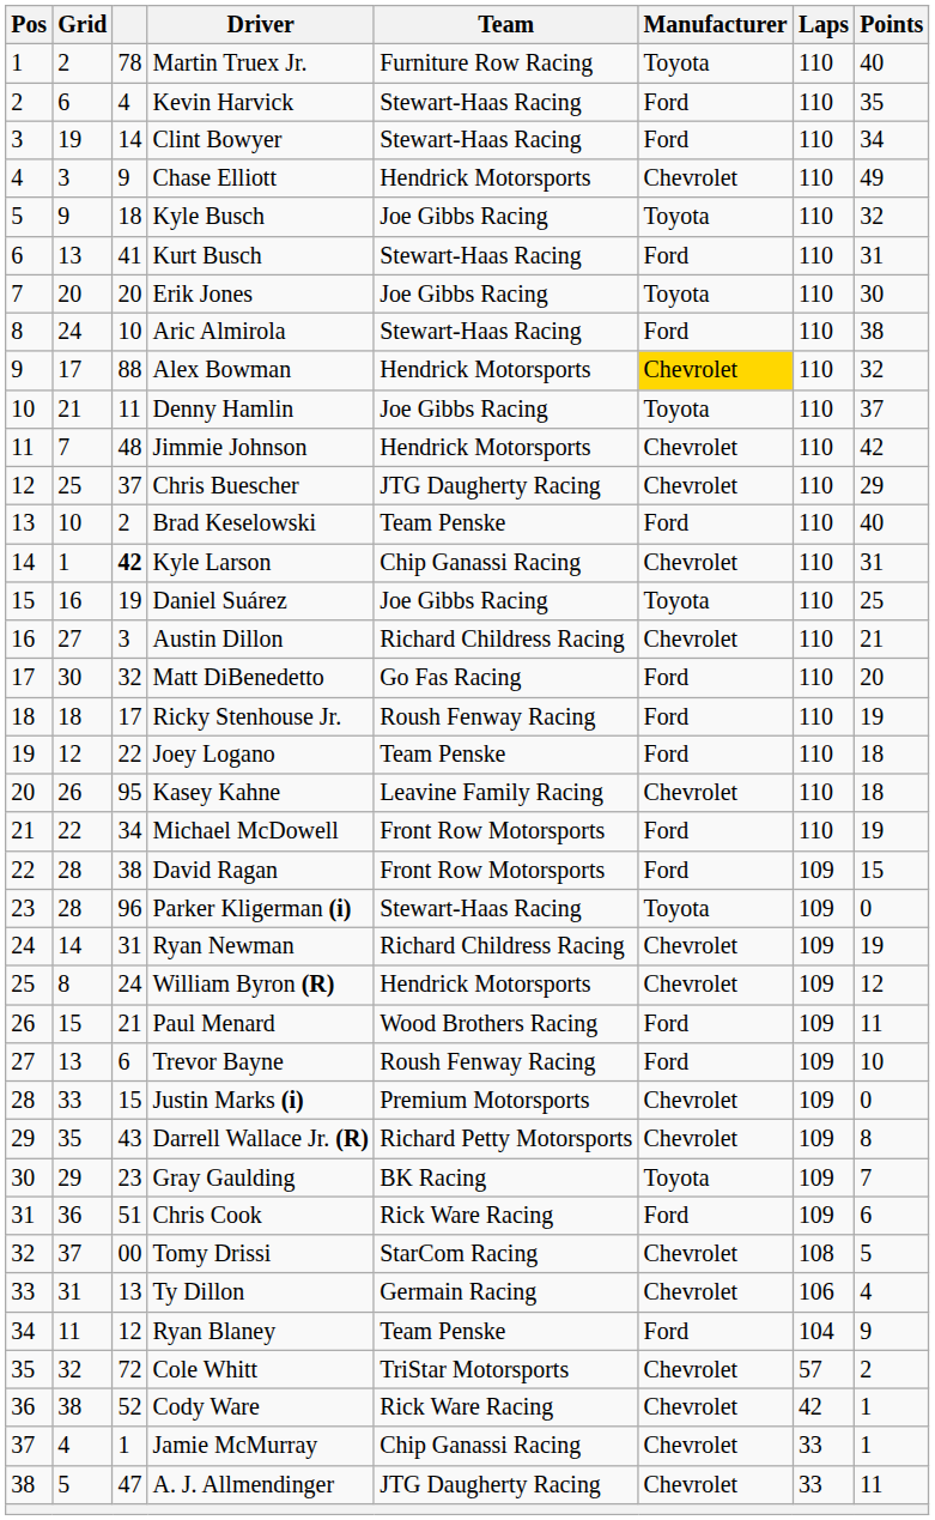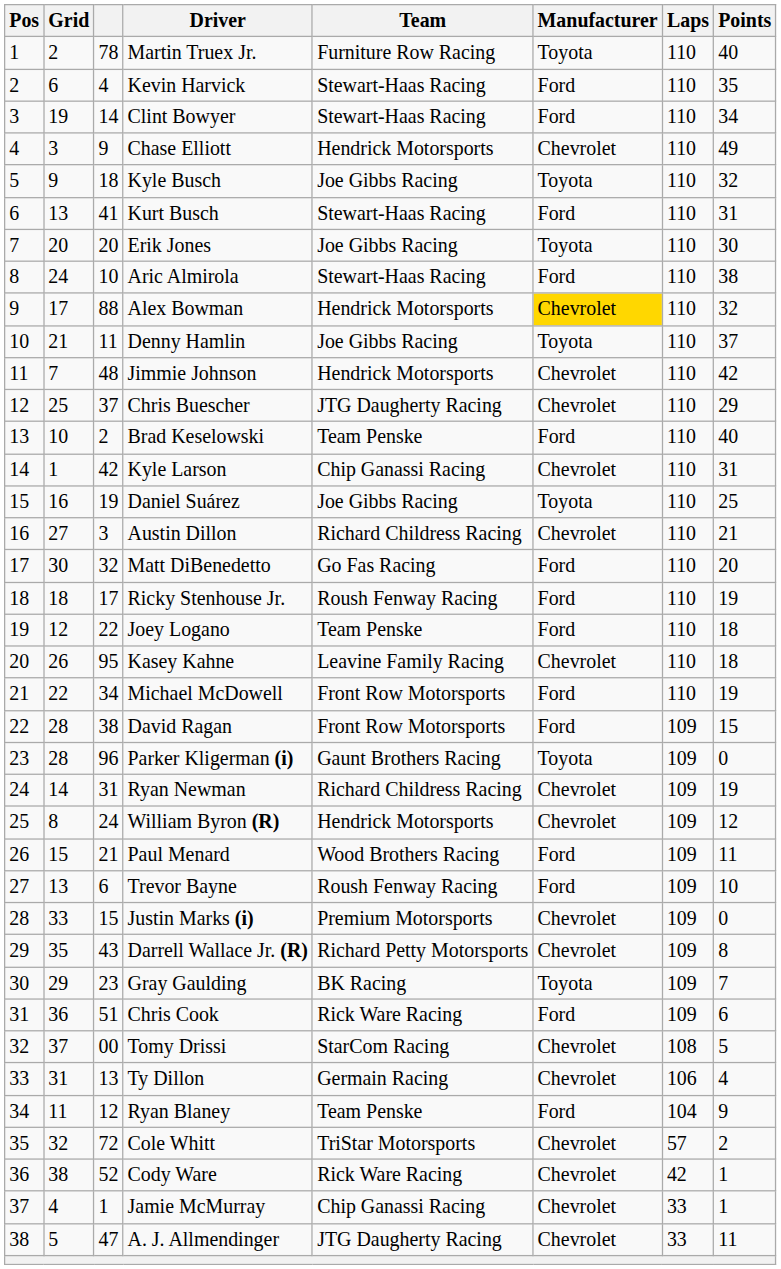 <table class="wikitable" style="font-size:98%">
 <tr>
 <th>Pos</th>
 <th>Grid</th>
 <th></th>
 <th>Driver</th>
 <th>Team</th>
 <th>Manufacturer</th>
 <th>Laps</th>
 <th>Points</th>
 </tr>
 <tr>
 <td>1</td>
 <td>2</td>
 <td>78</td>
 <td>Martin Truex Jr.</td>
 <td>Furniture Row Racing</td>
 <td>Toyota</td>
 <td>110</td>
 <td>40</td>
 </tr>
 <tr>
 <td>2</td>
 <td>6</td>
 <td>4</td>
 <td>Kevin Harvick</td>
 <td>Stewart-Haas Racing</td>
 <td>Ford</td>
 <td>110</td>
 <td>35</td>
 </tr>
 <tr>
 <td>3</td>
 <td>19</td>
 <td>14</td>
 <td>Clint Bowyer</td>
 <td>Stewart-Haas Racing</td>
 <td>Ford</td>
 <td>110</td>
 <td>34</td>
 </tr>
 <tr>
 <td>4</td>
 <td>3</td>
 <td>9</td>
 <td>Chase Elliott</td>
 <td>Hendrick Motorsports</td>
 <td>Chevrolet</td>
 <td>110</td>
 <td>49</td>
 </tr>
 <tr>
 <td>5</td>
 <td>9</td>
 <td>18</td>
 <td>Kyle Busch</td>
 <td>Joe Gibbs Racing</td>
 <td>Toyota</td>
 <td>110</td>
 <td>32</td>
 </tr>
 <tr>
 <td>6</td>
 <td>13</td>
 <td>41</td>
 <td>Kurt Busch</td>
 <td>Stewart-Haas Racing</td>
 <td>Ford</td>
 <td>110</td>
 <td>31</td>
 </tr>
 <tr>
 <td>7</td>
 <td>20</td>
 <td>20</td>
 <td>Erik Jones</td>
 <td>Joe Gibbs Racing</td>
 <td>Toyota</td>
 <td>110</td>
 <td>30</td>
 </tr>
 <tr>
 <td>8</td>
 <td>24</td>
 <td>10</td>
 <td>Aric Almirola</td>
 <td>Stewart-Haas Racing</td>
 <td>Ford</td>
 <td>110</td>
 <td>38</td>
 </tr>
 <tr>
 <td>9</td>
 <td>17</td>
 <td>88</td>
 <td>Alex Bowman</td>
 <td>Hendrick Motorsports</td>
 <td style="background: gold;">Chevrolet</td>
 <td>110</td>
 <td>32</td>
 </tr>
 <tr>
 <td>10</td>
 <td>21</td>
 <td>11</td>
 <td>Denny Hamlin</td>
 <td>Joe Gibbs Racing</td>
 <td>Toyota</td>
 <td>110</td>
 <td>37</td>
 </tr>
 <tr>
 <td>11</td>
 <td>7</td>
 <td>48</td>
 <td>Jimmie Johnson</td>
 <td>Hendrick Motorsports</td>
 <td>Chevrolet</td>
 <td>110</td>
 <td>42</td>
 </tr>
 <tr>
 <td>12</td>
 <td>25</td>
 <td>37</td>
 <td>Chris Buescher</td>
 <td>JTG Daugherty Racing</td>
 <td>Chevrolet</td>
 <td>110</td>
 <td>29</td>
 </tr>
 <tr>
 <td>13</td>
 <td>10</td>
 <td>2</td>
 <td>Brad Keselowski</td>
 <td>Team Penske</td>
 <td>Ford</td>
 <td>110</td>
 <td>40</td>
 </tr>
 <tr>
 <td>14</td>
 <td>1</td>
-<td><strong>42</strong></td>
+<td>42</td>
 <td>Kyle Larson</td>
 <td>Chip Ganassi Racing</td>
 <td>Chevrolet</td>
 <td>110</td>
 <td>31</td>
 </tr>
 <tr>
 <td>15</td>
 <td>16</td>
 <td>19</td>
 <td>Daniel Suárez</td>
 <td>Joe Gibbs Racing</td>
 <td>Toyota</td>
 <td>110</td>
 <td>25</td>
 </tr>
 <tr>
 <td>16</td>
 <td>27</td>
 <td>3</td>
 <td>Austin Dillon</td>
 <td>Richard Childress Racing</td>
 <td>Chevrolet</td>
 <td>110</td>
 <td>21</td>
 </tr>
 <tr>
 <td>17</td>
 <td>30</td>
 <td>32</td>
 <td>Matt DiBenedetto</td>
 <td>Go Fas Racing</td>
 <td>Ford</td>
 <td>110</td>
 <td>20</td>
 </tr>
 <tr>
 <td>18</td>
 <td>18</td>
 <td>17</td>
 <td>Ricky Stenhouse Jr.</td>
 <td>Roush Fenway Racing</td>
 <td>Ford</td>
 <td>110</td>
 <td>19</td>
 </tr>
 <tr>
 <td>19</td>
 <td>12</td>
 <td>22</td>
 <td>Joey Logano</td>
 <td>Team Penske</td>
 <td>Ford</td>
 <td>110</td>
 <td>18</td>
 </tr>
 <tr>
 <td>20</td>
 <td>26</td>
 <td>95</td>
 <td>Kasey Kahne</td>
 <td>Leavine Family Racing</td>
 <td>Chevrolet</td>
 <td>110</td>
 <td>18</td>
 </tr>
 <tr>
 <td>21</td>
 <td>22</td>
 <td>34</td>
 <td>Michael McDowell</td>
 <td>Front Row Motorsports</td>
 <td>Ford</td>
 <td>110</td>
 <td>19</td>
 </tr>
 <tr>
 <td>22</td>
 <td>28</td>
 <td>38</td>
 <td>David Ragan</td>
 <td>Front Row Motorsports</td>
 <td>Ford</td>
 <td>109</td>
 <td>15</td>
 </tr>
 <tr>
 <td>23</td>
 <td>28</td>
 <td>96</td>
 <td>Parker Kligerman <strong>(i)</strong></td>
-<td>Stewart-Haas Racing</td>
+<td>Gaunt Brothers Racing</td>
 <td>Toyota</td>
 <td>109</td>
 <td>0</td>
 </tr>
 <tr>
 <td>24</td>
 <td>14</td>
 <td>31</td>
 <td>Ryan Newman</td>
 <td>Richard Childress Racing</td>
 <td>Chevrolet</td>
 <td>109</td>
 <td>19</td>
 </tr>
 <tr>
 <td>25</td>
 <td>8</td>
 <td>24</td>
 <td>William Byron <strong>(R)</strong></td>
 <td>Hendrick Motorsports</td>
 <td>Chevrolet</td>
 <td>109</td>
 <td>12</td>
 </tr>
 <tr>
 <td>26</td>
 <td>15</td>
 <td>21</td>
 <td>Paul Menard</td>
 <td>Wood Brothers Racing</td>
 <td>Ford</td>
 <td>109</td>
 <td>11</td>
 </tr>
 <tr>
 <td>27</td>
 <td>13</td>
 <td>6</td>
 <td>Trevor Bayne</td>
 <td>Roush Fenway Racing</td>
 <td>Ford</td>
 <td>109</td>
 <td>10</td>
 </tr>
 <tr>
 <td>28</td>
 <td>33</td>
 <td>15</td>
 <td>Justin Marks <strong>(i)</strong></td>
 <td>Premium Motorsports</td>
 <td>Chevrolet</td>
 <td>109</td>
 <td>0</td>
 </tr>
 <tr>
 <td>29</td>
 <td>35</td>
 <td>43</td>
 <td>Darrell Wallace Jr. <strong>(R)</strong></td>
 <td>Richard Petty Motorsports</td>
 <td>Chevrolet</td>
 <td>109</td>
 <td>8</td>
 </tr>
 <tr>
 <td>30</td>
 <td>29</td>
 <td>23</td>
 <td>Gray Gaulding</td>
 <td>BK Racing</td>
 <td>Toyota</td>
 <td>109</td>
 <td>7</td>
 </tr>
 <tr>
 <td>31</td>
 <td>36</td>
 <td>51</td>
 <td>Chris Cook</td>
 <td>Rick Ware Racing</td>
 <td>Ford</td>
 <td>109</td>
 <td>6</td>
 </tr>
 <tr>
 <td>32</td>
 <td>37</td>
 <td>00</td>
 <td>Tomy Drissi</td>
 <td>StarCom Racing</td>
 <td>Chevrolet</td>
 <td>108</td>
 <td>5</td>
 </tr>
 <tr>
 <td>33</td>
 <td>31</td>
 <td>13</td>
 <td>Ty Dillon</td>
 <td>Germain Racing</td>
 <td>Chevrolet</td>
 <td>106</td>
 <td>4</td>
 </tr>
 <tr>
 <td>34</td>
 <td>11</td>
 <td>12</td>
 <td>Ryan Blaney</td>
 <td>Team Penske</td>
 <td>Ford</td>
 <td>104</td>
 <td>9</td>
 </tr>
 <tr>
 <td>35</td>
 <td>32</td>
 <td>72</td>
 <td>Cole Whitt</td>
 <td>TriStar Motorsports</td>
 <td>Chevrolet</td>
 <td>57</td>
 <td>2</td>
 </tr>
 <tr>
 <td>36</td>
 <td>38</td>
 <td>52</td>
 <td>Cody Ware</td>
 <td>Rick Ware Racing</td>
 <td>Chevrolet</td>
 <td>42</td>
 <td>1</td>
 </tr>
 <tr>
 <td>37</td>
 <td>4</td>
 <td>1</td>
 <td>Jamie McMurray</td>
 <td>Chip Ganassi Racing</td>
 <td>Chevrolet</td>
 <td>33</td>
 <td>1</td>
 </tr>
 <tr>
 <td>38</td>
 <td>5</td>
 <td>47</td>
 <td>A. J. Allmendinger</td>
 <td>JTG Daugherty Racing</td>
 <td>Chevrolet</td>
 <td>33</td>
 <td>11</td>
 </tr>
 <tr>
 <th colspan="8"></th>
 </tr>
 </table>
